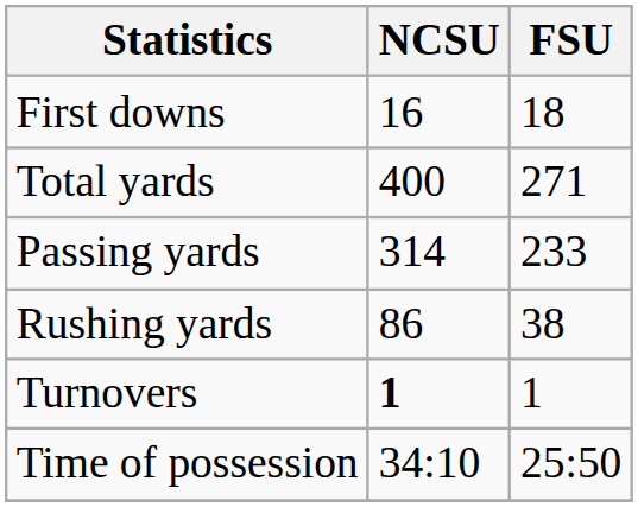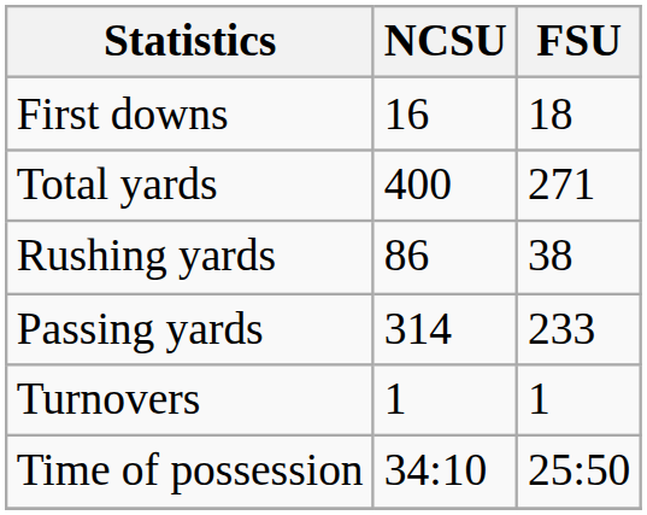 <table class="wikitable">
 <tr>
 <th>Statistics</th>
 <th>NCSU</th>
 <th>FSU</th>
 </tr>
 <tr>
 <td>First downs</td>
 <td>16</td>
 <td>18</td>
 </tr>
 <tr>
 <td>Total yards</td>
 <td>400</td>
 <td>271</td>
 </tr>
 <tr>
+<td>Rushing yards</td>
+<td>86</td>
+<td>38</td>
+</tr>
+<tr>
 <td>Passing yards</td>
 <td>314</td>
 <td>233</td>
 </tr>
 <tr>
-<td>Rushing yards</td>
-<td>86</td>
-<td>38</td>
-</tr>
-<tr>
 <td>Turnovers</td>
-<td><strong>1</strong></td>
+<td>1</td>
 <td>1</td>
 </tr>
 <tr>
 <td>Time of possession</td>
 <td>34:10</td>
 <td>25:50</td>
 </tr>
 <tr>
 </tr>
 </table>
